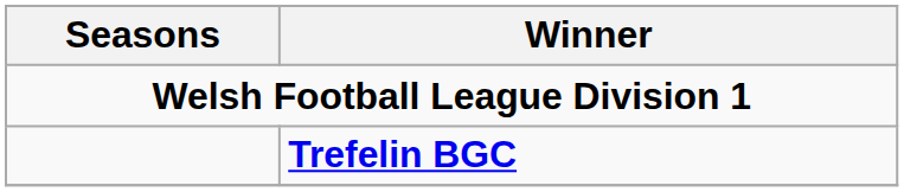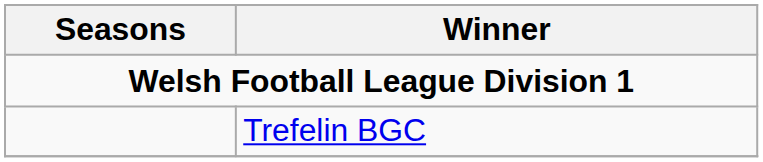 <table class="wikitable" style="width:30%">
 <tr>
 <th style="width:6%;">Seasons</th>
 <th style="width:24%;">Winner</th>
 </tr>
 <tr>
 <td colspan="2" style="text-align:center;"><strong>Welsh Football League Division 1</strong></td>
 </tr>
 <tr>
 <td></td>
-<td><strong><a href='#'>Trefelin BGC</a></strong></td>
+<td><a href='#'>Trefelin BGC</a></td>
 </tr>
 <tr>
 </tr>
 </table>
